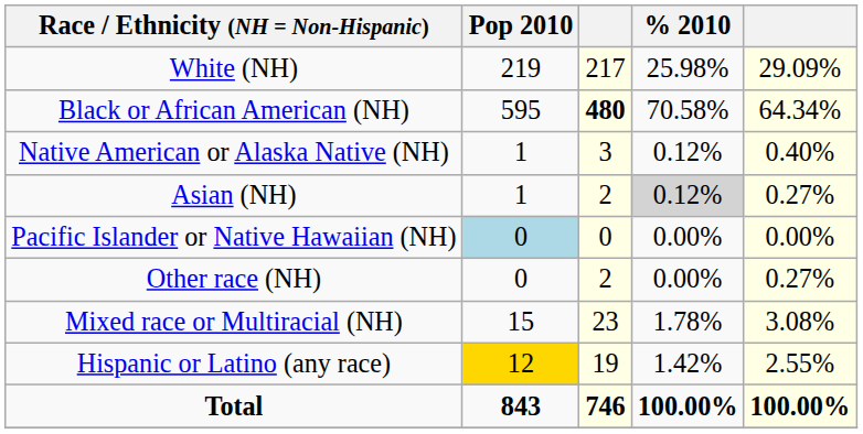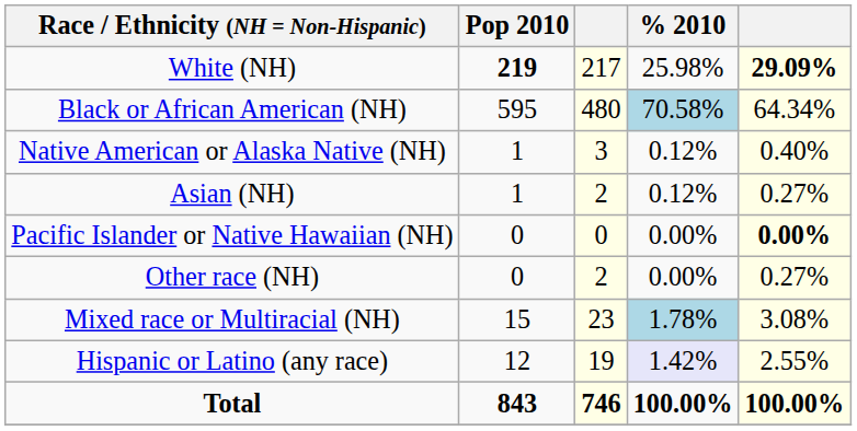 <table class="wikitable" style="text-align:center;">
 <tr>
 <th>Race / Ethnicity <small>(<em>NH = Non-Hispanic</em>)</small></th>
 <th>Pop 2010</th>
 <th></th>
 <th>% 2010</th>
 <th></th>
 </tr>
 <tr>
 <td><a href='#'>White</a> (NH)</td>
-<td>219</td>
+<td><strong>219</strong></td>
 <td style='background: #ffffe6;'>217</td>
 <td>25.98%</td>
-<td style='background: #ffffe6;'>29.09%</td>
+<td style='background: #ffffe6;'><strong>29.09%</strong></td>
 </tr>
 <tr>
 <td><a href='#'>Black or African American</a> (NH)</td>
 <td>595</td>
-<td style='background: #ffffe6;'><strong>480</strong></td>
-<td>70.58%</td>
+<td style='background: #ffffe6;'>480</td>
+<td style="background: lightblue;">70.58%</td>
 <td style='background: #ffffe6;'>64.34%</td>
 </tr>
 <tr>
 <td><a href='#'>Native American</a> or <a href='#'>Alaska Native</a> (NH)</td>
 <td>1</td>
 <td style='background: #ffffe6;'>3</td>
 <td>0.12%</td>
 <td style='background: #ffffe6;'>0.40%</td>
 </tr>
 <tr>
 <td><a href='#'>Asian</a> (NH)</td>
 <td>1</td>
 <td style='background: #ffffe6;'>2</td>
-<td style="background: lightgrey;">0.12%</td>
+<td>0.12%</td>
 <td style='background: #ffffe6;'>0.27%</td>
 </tr>
 <tr>
 <td><a href='#'>Pacific Islander</a> or <a href='#'>Native Hawaiian</a> (NH)</td>
-<td style="background: lightblue;">0</td>
+<td>0</td>
 <td style='background: #ffffe6;'>0</td>
 <td>0.00%</td>
-<td style='background: #ffffe6;'>0.00%</td>
+<td style='background: #ffffe6;'><strong>0.00%</strong></td>
 </tr>
 <tr>
 <td><a href='#'>Other race</a> (NH)</td>
 <td>0</td>
 <td style='background: #ffffe6;'>2</td>
 <td>0.00%</td>
 <td style='background: #ffffe6;'>0.27%</td>
 </tr>
 <tr>
 <td><a href='#'>Mixed race or Multiracial</a> (NH)</td>
 <td>15</td>
 <td style='background: #ffffe6;'>23</td>
-<td>1.78%</td>
+<td style="background: lightblue;">1.78%</td>
 <td style='background: #ffffe6;'>3.08%</td>
 </tr>
 <tr>
 <td><a href='#'>Hispanic or Latino</a> (any race)</td>
-<td style="background: gold;">12</td>
+<td>12</td>
 <td style='background: #ffffe6;'>19</td>
-<td>1.42%</td>
+<td style="background: lavender;">1.42%</td>
 <td style='background: #ffffe6;'>2.55%</td>
 </tr>
 <tr>
 <td><strong>Total</strong></td>
 <td><strong>843</strong></td>
 <td style='background: #ffffe6;'><strong>746</strong></td>
 <td><strong>100.00%</strong></td>
 <td style='background: #ffffe6;'><strong>100.00%</strong></td>
 </tr>
 <tr>
 </tr>
 </table>
